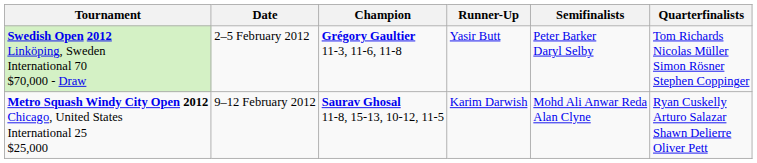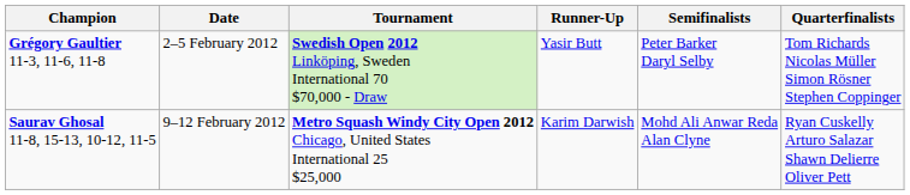 <table class="wikitable" style="font-size:88%">
 <tr>
+<th>Champion</th>
+<th>Date</th>
 <th>Tournament</th>
-<th>Date</th>
-<th>Champion</th>
 <th>Runner-Up</th>
 <th>Semifinalists</th>
 <th>Quarterfinalists</th>
 </tr>
 <tr valign=top>
+<td> <strong><a href='#'>Grégory Gaultier</a></strong><br>11-3, 11-6, 11-8</td>
+<td>2–5 February 2012</td>
 <td style="background:#D4F1C5;"><strong><a href='#'>Swedish Open</a> <a href='#'>2012</a></strong><br> <a href='#'>Linköping</a>, Sweden<br>International 70<br>$70,000 - <a href='#'>Draw</a></td>
-<td>2–5 February 2012</td>
-<td> <strong><a href='#'>Grégory Gaultier</a></strong><br>11-3, 11-6, 11-8</td>
 <td> <a href='#'>Yasir Butt</a></td>
 <td> <a href='#'>Peter Barker</a><br> <a href='#'>Daryl Selby</a></td>
 <td> <a href='#'>Tom Richards</a><br> <a href='#'>Nicolas Müller</a><br> <a href='#'>Simon Rösner</a><br> <a href='#'>Stephen Coppinger</a></td>
 </tr>
 <tr valign=top>
+<td> <strong><a href='#'>Saurav Ghosal</a></strong><br>11-8, 15-13, 10-12, 11-5</td>
+<td>9–12 February 2012</td>
 <td><strong><a href='#'>Metro Squash Windy City Open</a> 2012</strong><br> <a href='#'>Chicago</a>, United States<br>International 25<br>$25,000</td>
-<td>9–12 February 2012</td>
-<td> <strong><a href='#'>Saurav Ghosal</a></strong><br>11-8, 15-13, 10-12, 11-5</td>
 <td> <a href='#'>Karim Darwish</a></td>
 <td> <a href='#'>Mohd Ali Anwar Reda</a><br> <a href='#'>Alan Clyne</a></td>
 <td> <a href='#'>Ryan Cuskelly</a><br> <a href='#'>Arturo Salazar</a><br> <a href='#'>Shawn Delierre</a><br> <a href='#'>Oliver Pett</a></td>
 </tr>
 </table>
